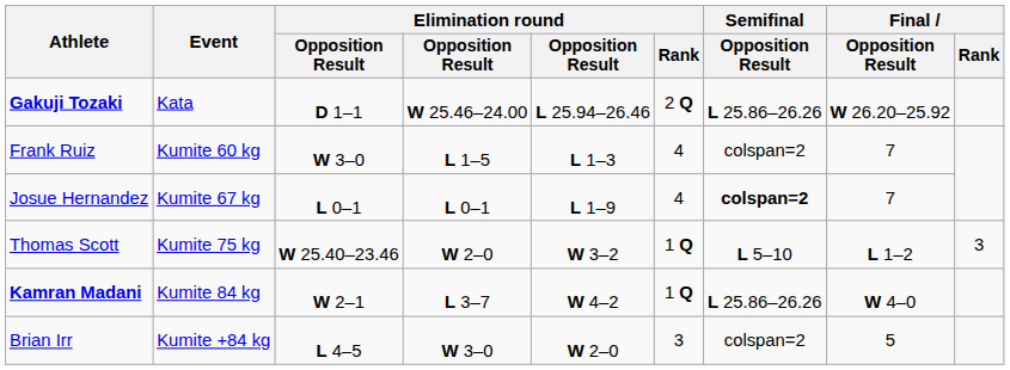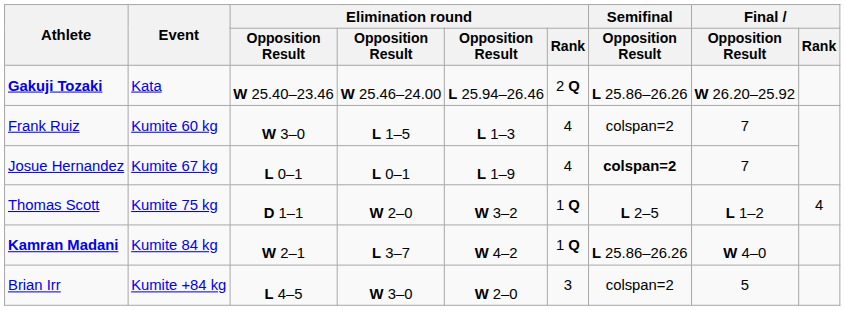 <table class=wikitable style=font-size:90%;text-align:center>
 <tr>
 <th rowspan=2>Athlete</th>
 <th rowspan=2>Event</th>
 <th colspan=4>Elimination round</th>
 <th>Semifinal</th>
 <th colspan=2>Final / </th>
 </tr>
 <tr style=font-size:95%>
 <th>Opposition<br>Result</th>
 <th>Opposition<br>Result</th>
 <th>Opposition<br>Result</th>
 <th>Rank</th>
 <th>Opposition<br>Result</th>
 <th>Opposition<br>Result</th>
 <th>Rank</th>
 </tr>
 <tr>
 <td align=left><strong><a href='#'>Gakuji Tozaki</a></strong></td>
 <td align=left><a href='#'>Kata</a></td>
-<td><br><strong>D</strong> 1–1</td>
+<td><br><strong>W</strong> 25.40–23.46</td>
 <td><br><strong>W</strong> 25.46–24.00</td>
 <td><br><strong>L</strong> 25.94–26.46</td>
 <td>2 <strong>Q</strong></td>
 <td><br><strong>L</strong> 25.86–26.26</td>
 <td><br><strong>W</strong> 26.20–25.92</td>
 <td></td>
 </tr>
 <tr>
 <td align=left><a href='#'>Frank Ruiz</a></td>
 <td align=left><a href='#'>Kumite 60 kg</a></td>
 <td><br><strong>W</strong> 3–0</td>
 <td><br><strong>L</strong> 1–5</td>
 <td><br><strong>L</strong> 1–3</td>
 <td>4</td>
 <td>colspan=2 </td>
 <td>7</td>
 </tr>
 <tr>
 <td align=left><a href='#'>Josue Hernandez</a></td>
 <td align=left><a href='#'>Kumite 67 kg</a></td>
 <td><br><strong>L</strong> 0–1</td>
 <td><br><strong>L</strong> 0–1</td>
 <td><br><strong>L</strong> 1–9</td>
 <td>4</td>
 <td><strong>colspan=2 </strong></td>
 <td>7</td>
 </tr>
 <tr>
 <td align=left><a href='#'>Thomas Scott</a></td>
 <td align=left><a href='#'>Kumite 75 kg</a></td>
-<td><br><strong>W</strong> 25.40–23.46</td>
+<td><br><strong>D</strong> 1–1</td>
 <td><br><strong>W</strong> 2–0</td>
 <td><br><strong>W</strong> 3–2</td>
 <td>1 <strong>Q</strong></td>
-<td><br><strong>L</strong> 5–10</td>
+<td><br><strong>L</strong> 2–5</td>
 <td><br><strong>L</strong> 1–2</td>
-<td>3</td>
+<td>4</td>
 </tr>
 <tr>
 <td align=left><strong><a href='#'>Kamran Madani</a></strong></td>
 <td align=left><a href='#'>Kumite 84 kg</a></td>
 <td><br><strong>W</strong> 2–1</td>
 <td><br><strong>L</strong> 3–7</td>
 <td><br><strong>W</strong> 4–2</td>
 <td>1 <strong>Q</strong></td>
 <td><br><strong>L</strong> 25.86–26.26</td>
 <td><br><strong>W</strong> 4–0</td>
 <td></td>
 </tr>
 <tr>
 <td align=left><a href='#'>Brian Irr</a></td>
 <td align=left><a href='#'>Kumite +84 kg</a></td>
 <td><br><strong>L</strong> 4–5</td>
 <td><br><strong>W</strong> 3–0</td>
 <td><br><strong>W</strong> 2–0</td>
 <td>3</td>
 <td>colspan=2 </td>
 <td>5</td>
 </tr>
 </table>
